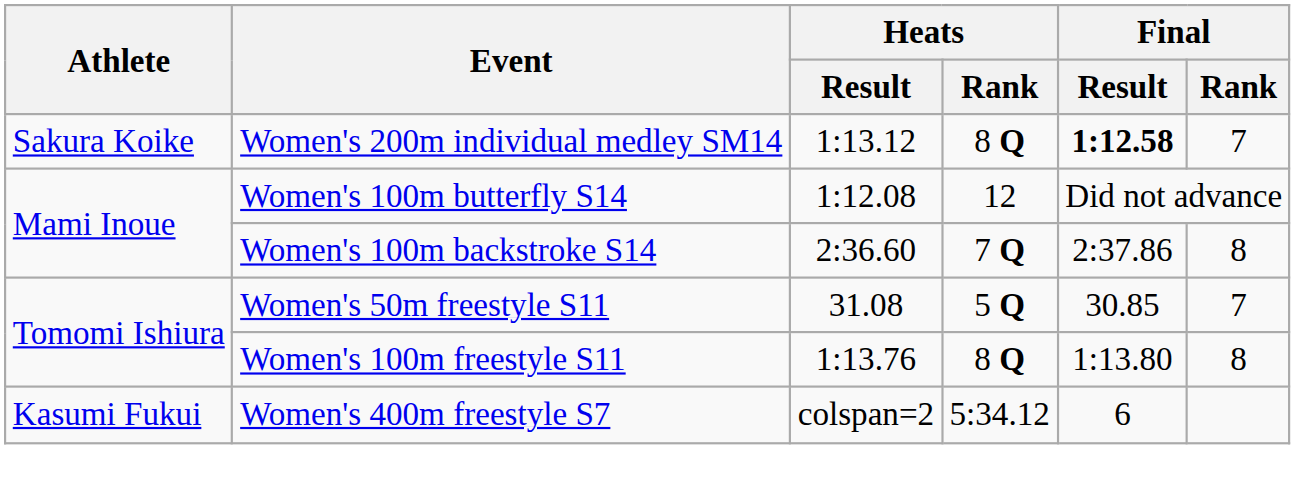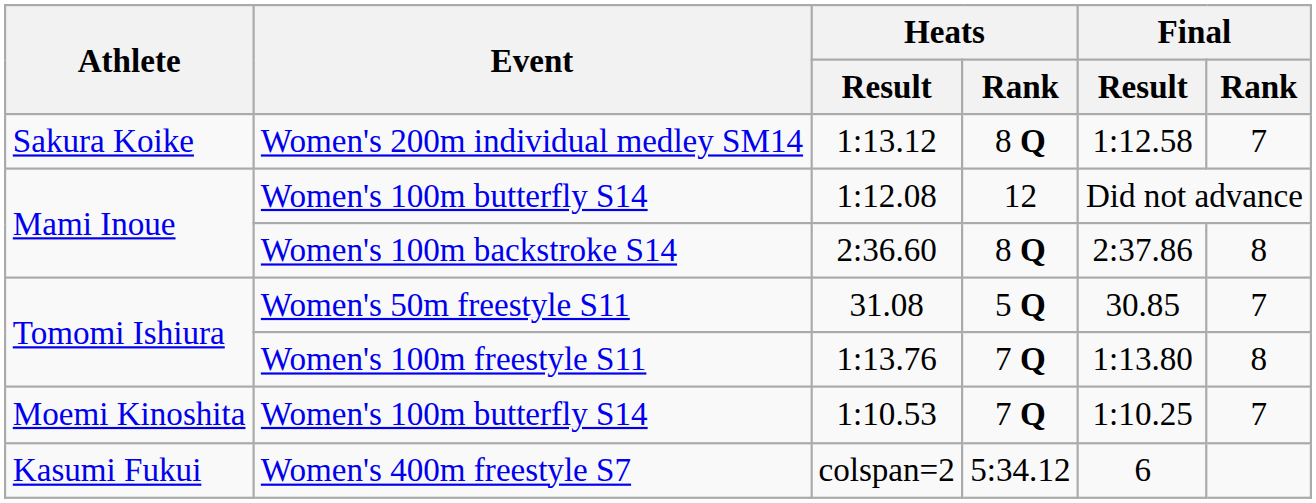 <table class=wikitable style="font-size:95%">
 <tr>
 <th rowspan="2">Athlete</th>
 <th rowspan="2">Event</th>
 <th colspan="2">Heats</th>
 <th colspan="2">Final</th>
 </tr>
 <tr>
 <th>Result</th>
 <th>Rank</th>
 <th>Result</th>
 <th>Rank</th>
 </tr>
 <tr align=center>
 <td align=left><a href='#'>Sakura Koike</a></td>
 <td align=left><a href='#'>Women's 200m individual medley SM14</a></td>
 <td>1:13.12</td>
 <td>8 <strong>Q</strong></td>
-<td><strong>1:12.58</strong></td>
+<td>1:12.58</td>
 <td>7</td>
 </tr>
 <tr align=center>
 <td align=left rowspan=2><a href='#'>Mami Inoue</a></td>
 <td align=left><a href='#'>Women's 100m butterfly S14</a></td>
 <td>1:12.08</td>
 <td>12</td>
 <td colspan=2>Did not advance</td>
 </tr>
 <tr align=center>
 <td align=left><a href='#'>Women's 100m backstroke S14</a></td>
 <td>2:36.60</td>
-<td>7 <strong>Q</strong></td>
+<td>8 <strong>Q</strong></td>
 <td>2:37.86</td>
 <td>8</td>
 </tr>
 <tr align=center>
 <td align=left rowspan=2><a href='#'>Tomomi Ishiura</a></td>
 <td align=left><a href='#'>Women's 50m freestyle S11</a></td>
 <td>31.08</td>
 <td>5 <strong>Q</strong></td>
 <td>30.85</td>
 <td>7</td>
 </tr>
 <tr align=center>
 <td align=left><a href='#'>Women's 100m freestyle S11</a></td>
 <td>1:13.76</td>
-<td>8 <strong>Q</strong></td>
+<td>7 <strong>Q</strong></td>
 <td>1:13.80</td>
 <td>8</td>
+</tr>
+<tr align=center>
+<td align=left><a href='#'>Moemi Kinoshita</a></td>
+<td align=left><a href='#'>Women's 100m butterfly S14</a></td>
+<td>1:10.53</td>
+<td>7 <strong>Q</strong></td>
+<td>1:10.25</td>
+<td>7</td>
 </tr>
 <tr align=center>
 <td align=left><a href='#'>Kasumi Fukui</a></td>
 <td align=left><a href='#'>Women's 400m freestyle S7</a></td>
 <td>colspan=2 </td>
 <td>5:34.12</td>
 <td>6</td>
 </tr>
 </table>
